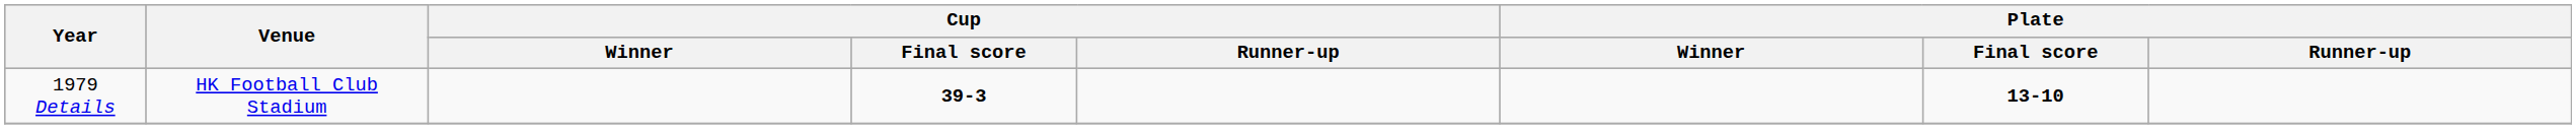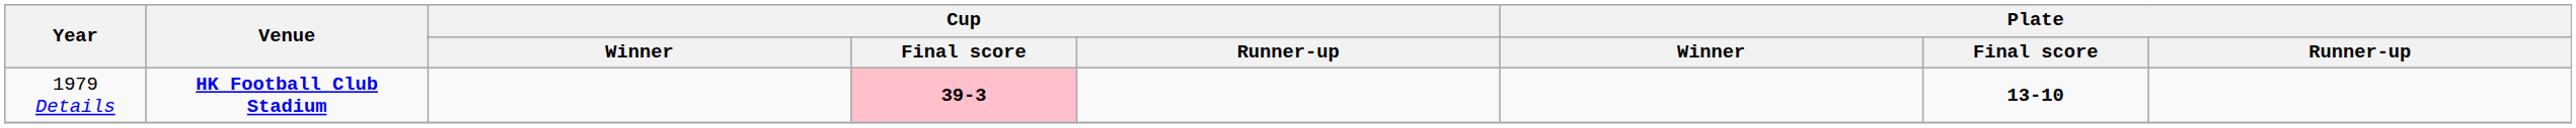 <table class="wikitable" style="font-size:90%; width: 100%; text-align: center;">
 <tr>
 <th rowspan=2 width=5%>Year</th>
 <th rowspan=2 width=10%>Venue</th>
 <th colspan=3>Cup</th>
 <th colspan=3>Plate</th>
 </tr>
 <tr>
 <th width=15%>Winner</th>
 <th width=8%>Final score</th>
 <th width=15%>Runner-up</th>
 <th width=15%>Winner</th>
 <th width=8%>Final score</th>
 <th width=15%>Runner-up</th>
 </tr>
 <tr>
 <td>1979<br> <em><a href='#'>Details</a></em></td>
-<td><a href='#'>HK Football Club Stadium</a></td>
+<td><strong><a href='#'>HK Football Club Stadium</a></strong></td>
 <td><strong></strong></td>
-<td><strong>39-3</strong></td>
+<td style="background: pink;"><strong>39-3</strong></td>
 <td></td>
 <td></td>
 <td><strong>13-10</strong></td>
 <td></td>
 </tr>
 <tr>
 </tr>
 </table>
